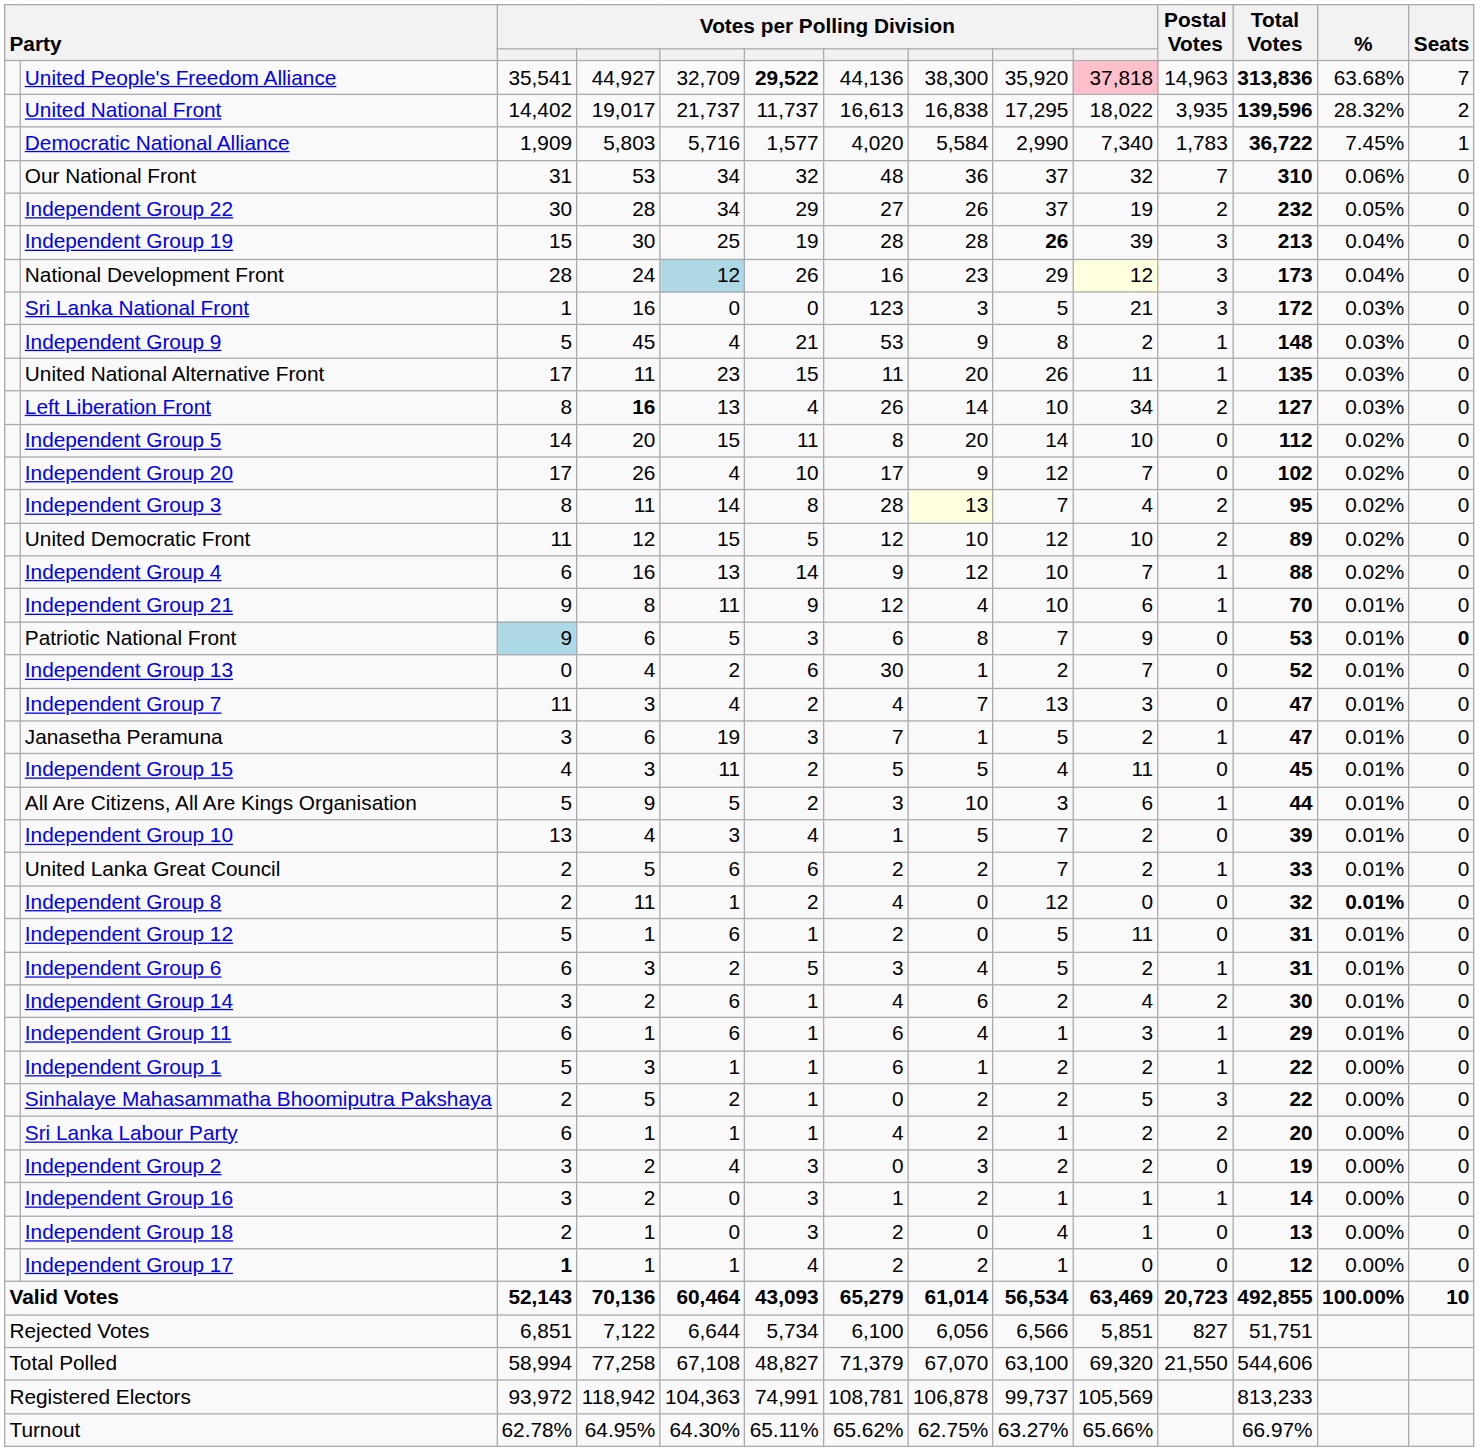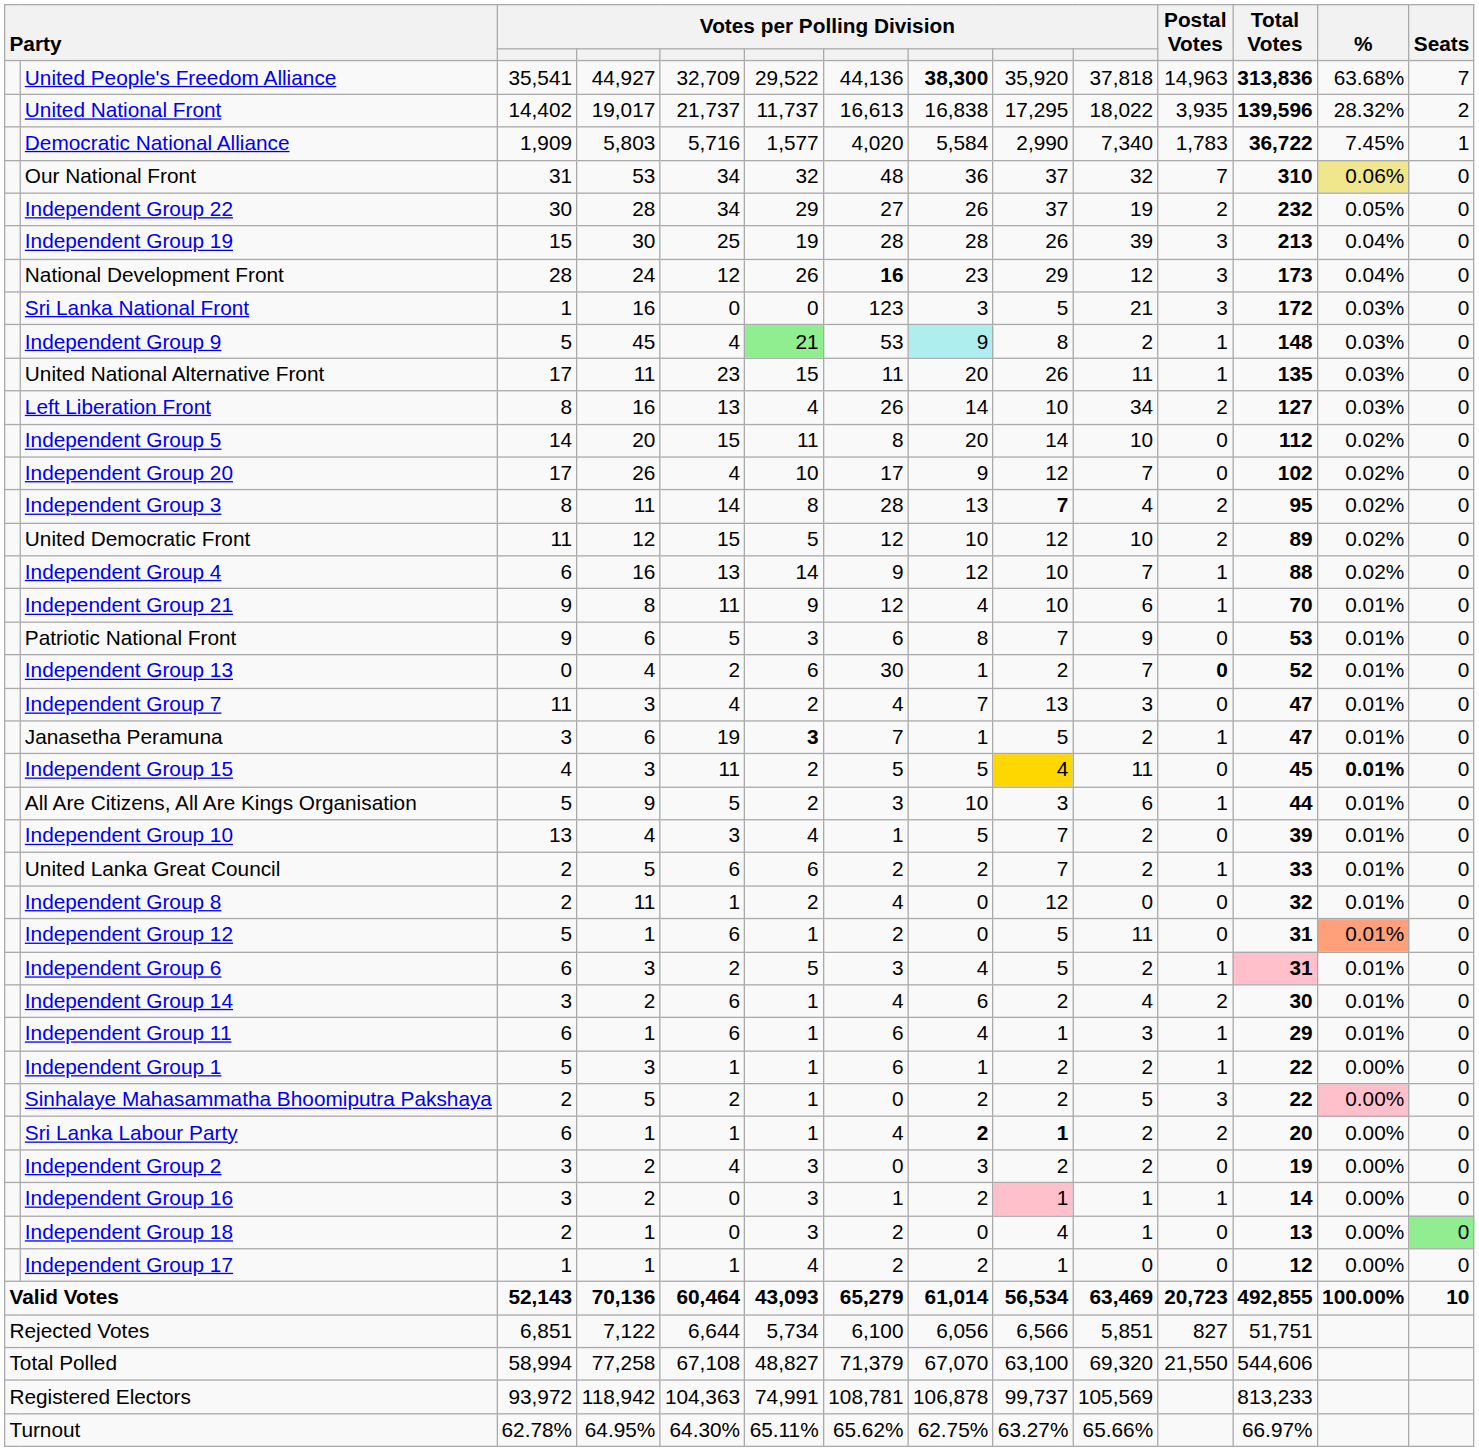 <table class="wikitable" border="1" style="text-align:right;">
 <tr>
 <th style="text-align:left; vertical-align:bottom;" rowspan="2" colspan="2">Party</th>
 <th colspan=8>Votes per Polling Division</th>
 <th rowspan="2" style="vertical-align:bottom; text-align:center; width:50px;">Postal<br>Votes</th>
 <th rowspan="2" style="vertical-align:bottom; text-align:center; width:50px;">Total Votes</th>
 <th rowspan="2" style="vertical-align:bottom; text-align:center; width:50px;">%</th>
 <th rowspan="2" style="vertical-align:bottom; text-align:center; width:40px;">Seats</th>
 </tr>
 <tr>
 <th></th>
 <th></th>
 <th></th>
 <th></th>
 <th></th>
 <th></th>
 <th></th>
 <th></th>
 </tr>
 <tr>
 <td bgcolor=> </td>
 <td align=left><a href='#'>United People's Freedom Alliance</a></td>
 <td>35,541</td>
 <td>44,927</td>
 <td>32,709</td>
-<td><strong>29,522</strong></td>
+<td>29,522</td>
 <td>44,136</td>
-<td>38,300</td>
+<td><strong>38,300</strong></td>
 <td>35,920</td>
-<td style="background: pink;">37,818</td>
+<td>37,818</td>
 <td>14,963</td>
 <td><strong>313,836</strong></td>
 <td>63.68%</td>
 <td>7</td>
 </tr>
 <tr>
 <td bgcolor=> </td>
 <td align=left><a href='#'>United National Front</a> </td>
 <td>14,402</td>
 <td>19,017</td>
 <td>21,737</td>
 <td>11,737</td>
 <td>16,613</td>
 <td>16,838</td>
 <td>17,295</td>
 <td>18,022</td>
 <td>3,935</td>
 <td><strong>139,596</strong></td>
 <td>28.32%</td>
 <td>2</td>
 </tr>
 <tr>
 <td bgcolor=> </td>
 <td align=left><a href='#'>Democratic National Alliance</a> </td>
 <td>1,909</td>
 <td>5,803</td>
 <td>5,716</td>
 <td>1,577</td>
 <td>4,020</td>
 <td>5,584</td>
 <td>2,990</td>
 <td>7,340</td>
 <td>1,783</td>
 <td><strong>36,722</strong></td>
 <td>7.45%</td>
 <td>1</td>
 </tr>
 <tr>
 <td bgcolor=> </td>
 <td align=left>Our National Front</td>
 <td>31</td>
 <td>53</td>
 <td>34</td>
 <td>32</td>
 <td>48</td>
 <td>36</td>
 <td>37</td>
 <td>32</td>
 <td>7</td>
 <td><strong>310</strong></td>
-<td>0.06%</td>
+<td style="background: khaki;">0.06%</td>
 <td>0</td>
 </tr>
 <tr>
 <td bgcolor=> </td>
 <td align=left><a href='#'>Independent Group 22</a></td>
 <td>30</td>
 <td>28</td>
 <td>34</td>
 <td>29</td>
 <td>27</td>
 <td>26</td>
 <td>37</td>
 <td>19</td>
 <td>2</td>
 <td><strong>232</strong></td>
 <td>0.05%</td>
 <td>0</td>
 </tr>
 <tr>
 <td bgcolor=> </td>
 <td align=left><a href='#'>Independent Group 19</a></td>
 <td>15</td>
 <td>30</td>
 <td>25</td>
 <td>19</td>
 <td>28</td>
 <td>28</td>
-<td><strong>26</strong></td>
+<td>26</td>
 <td>39</td>
 <td>3</td>
 <td><strong>213</strong></td>
 <td>0.04%</td>
 <td>0</td>
 </tr>
 <tr>
 <td bgcolor=> </td>
 <td align=left>National Development Front</td>
 <td>28</td>
 <td>24</td>
-<td style="background: lightblue;">12</td>
+<td>12</td>
 <td>26</td>
-<td>16</td>
+<td><strong>16</strong></td>
 <td>23</td>
 <td>29</td>
-<td style="background: lightyellow;">12</td>
+<td>12</td>
 <td>3</td>
 <td><strong>173</strong></td>
 <td>0.04%</td>
 <td>0</td>
 </tr>
 <tr>
 <td bgcolor=> </td>
 <td align=left><a href='#'>Sri Lanka National Front</a></td>
 <td>1</td>
 <td>16</td>
 <td>0</td>
 <td>0</td>
 <td>123</td>
 <td>3</td>
 <td>5</td>
 <td>21</td>
 <td>3</td>
 <td><strong>172</strong></td>
 <td>0.03%</td>
 <td>0</td>
 </tr>
 <tr>
 <td bgcolor=> </td>
 <td align=left><a href='#'>Independent Group 9</a></td>
 <td>5</td>
 <td>45</td>
 <td>4</td>
-<td>21</td>
+<td style="background: lightgreen;">21</td>
 <td>53</td>
-<td>9</td>
+<td style="background: paleturquoise;">9</td>
 <td>8</td>
 <td>2</td>
 <td>1</td>
 <td><strong>148</strong></td>
 <td>0.03%</td>
 <td>0</td>
 </tr>
 <tr>
 <td bgcolor=> </td>
 <td align=left>United National Alternative Front</td>
 <td>17</td>
 <td>11</td>
 <td>23</td>
 <td>15</td>
 <td>11</td>
 <td>20</td>
 <td>26</td>
 <td>11</td>
 <td>1</td>
 <td><strong>135</strong></td>
 <td>0.03%</td>
 <td>0</td>
 </tr>
 <tr>
 <td bgcolor=> </td>
 <td align=left><a href='#'>Left Liberation Front</a></td>
 <td>8</td>
-<td><strong>16</strong></td>
+<td>16</td>
 <td>13</td>
 <td>4</td>
 <td>26</td>
 <td>14</td>
 <td>10</td>
 <td>34</td>
 <td>2</td>
 <td><strong>127</strong></td>
 <td>0.03%</td>
 <td>0</td>
 </tr>
 <tr>
 <td bgcolor=> </td>
 <td align=left><a href='#'>Independent Group 5</a></td>
 <td>14</td>
 <td>20</td>
 <td>15</td>
 <td>11</td>
 <td>8</td>
 <td>20</td>
 <td>14</td>
 <td>10</td>
 <td>0</td>
 <td><strong>112</strong></td>
 <td>0.02%</td>
 <td>0</td>
 </tr>
 <tr>
 <td bgcolor=> </td>
 <td align=left><a href='#'>Independent Group 20</a></td>
 <td>17</td>
 <td>26</td>
 <td>4</td>
 <td>10</td>
 <td>17</td>
 <td>9</td>
 <td>12</td>
 <td>7</td>
 <td>0</td>
 <td><strong>102</strong></td>
 <td>0.02%</td>
 <td>0</td>
 </tr>
 <tr>
 <td bgcolor=> </td>
 <td align=left><a href='#'>Independent Group 3</a></td>
 <td>8</td>
 <td>11</td>
 <td>14</td>
 <td>8</td>
 <td>28</td>
-<td style="background: lightyellow;">13</td>
-<td>7</td>
+<td>13</td>
+<td><strong>7</strong></td>
 <td>4</td>
 <td>2</td>
 <td><strong>95</strong></td>
 <td>0.02%</td>
 <td>0</td>
 </tr>
 <tr>
 <td bgcolor=> </td>
 <td align=left>United Democratic Front</td>
 <td>11</td>
 <td>12</td>
 <td>15</td>
 <td>5</td>
 <td>12</td>
 <td>10</td>
 <td>12</td>
 <td>10</td>
 <td>2</td>
 <td><strong>89</strong></td>
 <td>0.02%</td>
 <td>0</td>
 </tr>
 <tr>
 <td bgcolor=> </td>
 <td align=left><a href='#'>Independent Group 4</a></td>
 <td>6</td>
 <td>16</td>
 <td>13</td>
 <td>14</td>
 <td>9</td>
 <td>12</td>
 <td>10</td>
 <td>7</td>
 <td>1</td>
 <td><strong>88</strong></td>
 <td>0.02%</td>
 <td>0</td>
 </tr>
 <tr>
 <td bgcolor=> </td>
 <td align=left><a href='#'>Independent Group 21</a></td>
 <td>9</td>
 <td>8</td>
 <td>11</td>
 <td>9</td>
 <td>12</td>
 <td>4</td>
 <td>10</td>
 <td>6</td>
 <td>1</td>
 <td><strong>70</strong></td>
 <td>0.01%</td>
 <td>0</td>
 </tr>
 <tr>
 <td bgcolor=> </td>
 <td align=left>Patriotic National Front</td>
-<td style="background: lightblue;">9</td>
+<td>9</td>
 <td>6</td>
 <td>5</td>
 <td>3</td>
 <td>6</td>
 <td>8</td>
 <td>7</td>
 <td>9</td>
 <td>0</td>
 <td><strong>53</strong></td>
 <td>0.01%</td>
-<td><strong>0</strong></td>
+<td>0</td>
 </tr>
 <tr>
 <td bgcolor=> </td>
 <td align=left><a href='#'>Independent Group 13</a></td>
 <td>0</td>
 <td>4</td>
 <td>2</td>
 <td>6</td>
 <td>30</td>
 <td>1</td>
 <td>2</td>
 <td>7</td>
-<td>0</td>
+<td><strong>0</strong></td>
 <td><strong>52</strong></td>
 <td>0.01%</td>
 <td>0</td>
 </tr>
 <tr>
 <td bgcolor=> </td>
 <td align=left><a href='#'>Independent Group 7</a></td>
 <td>11</td>
 <td>3</td>
 <td>4</td>
 <td>2</td>
 <td>4</td>
 <td>7</td>
 <td>13</td>
 <td>3</td>
 <td>0</td>
 <td><strong>47</strong></td>
 <td>0.01%</td>
 <td>0</td>
 </tr>
 <tr>
 <td bgcolor=> </td>
 <td align=left>Janasetha Peramuna</td>
 <td>3</td>
 <td>6</td>
 <td>19</td>
-<td>3</td>
+<td><strong>3</strong></td>
 <td>7</td>
 <td>1</td>
 <td>5</td>
 <td>2</td>
 <td>1</td>
 <td><strong>47</strong></td>
 <td>0.01%</td>
 <td>0</td>
 </tr>
 <tr>
 <td bgcolor=> </td>
 <td align=left><a href='#'>Independent Group 15</a></td>
 <td>4</td>
 <td>3</td>
 <td>11</td>
 <td>2</td>
 <td>5</td>
 <td>5</td>
-<td>4</td>
+<td style="background: gold;">4</td>
 <td>11</td>
 <td>0</td>
 <td><strong>45</strong></td>
-<td>0.01%</td>
+<td><strong>0.01%</strong></td>
 <td>0</td>
 </tr>
 <tr>
 <td bgcolor=> </td>
 <td align=left>All Are Citizens, All Are Kings Organisation</td>
 <td>5</td>
 <td>9</td>
 <td>5</td>
 <td>2</td>
 <td>3</td>
 <td>10</td>
 <td>3</td>
 <td>6</td>
 <td>1</td>
 <td><strong>44</strong></td>
 <td>0.01%</td>
 <td>0</td>
 </tr>
 <tr>
 <td bgcolor=> </td>
 <td align=left><a href='#'>Independent Group 10</a></td>
 <td>13</td>
 <td>4</td>
 <td>3</td>
 <td>4</td>
 <td>1</td>
 <td>5</td>
 <td>7</td>
 <td>2</td>
 <td>0</td>
 <td><strong>39</strong></td>
 <td>0.01%</td>
 <td>0</td>
 </tr>
 <tr>
 <td bgcolor=> </td>
 <td align=left>United Lanka Great Council</td>
 <td>2</td>
 <td>5</td>
 <td>6</td>
 <td>6</td>
 <td>2</td>
 <td>2</td>
 <td>7</td>
 <td>2</td>
 <td>1</td>
 <td><strong>33</strong></td>
 <td>0.01%</td>
 <td>0</td>
 </tr>
 <tr>
 <td bgcolor=> </td>
 <td align=left><a href='#'>Independent Group 8</a></td>
 <td>2</td>
 <td>11</td>
 <td>1</td>
 <td>2</td>
 <td>4</td>
 <td>0</td>
 <td>12</td>
 <td>0</td>
 <td>0</td>
 <td><strong>32</strong></td>
-<td><strong>0.01%</strong></td>
+<td>0.01%</td>
 <td>0</td>
 </tr>
 <tr>
 <td bgcolor=> </td>
 <td align=left><a href='#'>Independent Group 12</a></td>
 <td>5</td>
 <td>1</td>
 <td>6</td>
 <td>1</td>
 <td>2</td>
 <td>0</td>
 <td>5</td>
 <td>11</td>
 <td>0</td>
 <td><strong>31</strong></td>
-<td>0.01%</td>
+<td style="background: lightsalmon;">0.01%</td>
 <td>0</td>
 </tr>
 <tr>
 <td bgcolor=> </td>
 <td align=left><a href='#'>Independent Group 6</a></td>
 <td>6</td>
 <td>3</td>
 <td>2</td>
 <td>5</td>
 <td>3</td>
 <td>4</td>
 <td>5</td>
 <td>2</td>
 <td>1</td>
-<td><strong>31</strong></td>
+<td style="background: pink;"><strong>31</strong></td>
 <td>0.01%</td>
 <td>0</td>
 </tr>
 <tr>
 <td bgcolor=> </td>
 <td align=left><a href='#'>Independent Group 14</a></td>
 <td>3</td>
 <td>2</td>
 <td>6</td>
 <td>1</td>
 <td>4</td>
 <td>6</td>
 <td>2</td>
 <td>4</td>
 <td>2</td>
 <td><strong>30</strong></td>
 <td>0.01%</td>
 <td>0</td>
 </tr>
 <tr>
 <td bgcolor=> </td>
 <td align=left><a href='#'>Independent Group 11</a></td>
 <td>6</td>
 <td>1</td>
 <td>6</td>
 <td>1</td>
 <td>6</td>
 <td>4</td>
 <td>1</td>
 <td>3</td>
 <td>1</td>
 <td><strong>29</strong></td>
 <td>0.01%</td>
 <td>0</td>
 </tr>
 <tr>
 <td bgcolor=> </td>
 <td align=left><a href='#'>Independent Group 1</a></td>
 <td>5</td>
 <td>3</td>
 <td>1</td>
 <td>1</td>
 <td>6</td>
 <td>1</td>
 <td>2</td>
 <td>2</td>
 <td>1</td>
 <td><strong>22</strong></td>
 <td>0.00%</td>
 <td>0</td>
 </tr>
 <tr>
 <td bgcolor=> </td>
 <td align=left><a href='#'>Sinhalaye Mahasammatha Bhoomiputra Pakshaya</a></td>
 <td>2</td>
 <td>5</td>
 <td>2</td>
 <td>1</td>
 <td>0</td>
 <td>2</td>
 <td>2</td>
 <td>5</td>
 <td>3</td>
 <td><strong>22</strong></td>
-<td>0.00%</td>
+<td style="background: pink;">0.00%</td>
 <td>0</td>
 </tr>
 <tr>
 <td bgcolor=> </td>
 <td align=left><a href='#'>Sri Lanka Labour Party</a></td>
 <td>6</td>
 <td>1</td>
 <td>1</td>
 <td>1</td>
 <td>4</td>
-<td>2</td>
-<td>1</td>
+<td><strong>2</strong></td>
+<td><strong>1</strong></td>
 <td>2</td>
 <td>2</td>
 <td><strong>20</strong></td>
 <td>0.00%</td>
 <td>0</td>
 </tr>
 <tr>
 <td bgcolor=> </td>
 <td align=left><a href='#'>Independent Group 2</a></td>
 <td>3</td>
 <td>2</td>
 <td>4</td>
 <td>3</td>
 <td>0</td>
 <td>3</td>
 <td>2</td>
 <td>2</td>
 <td>0</td>
 <td><strong>19</strong></td>
 <td>0.00%</td>
 <td>0</td>
 </tr>
 <tr>
 <td bgcolor=> </td>
 <td align=left><a href='#'>Independent Group 16</a></td>
 <td>3</td>
 <td>2</td>
 <td>0</td>
 <td>3</td>
 <td>1</td>
 <td>2</td>
-<td>1</td>
+<td style="background: pink;">1</td>
 <td>1</td>
 <td>1</td>
 <td><strong>14</strong></td>
 <td>0.00%</td>
 <td>0</td>
 </tr>
 <tr>
 <td bgcolor=> </td>
 <td align=left><a href='#'>Independent Group 18</a></td>
 <td>2</td>
 <td>1</td>
 <td>0</td>
 <td>3</td>
 <td>2</td>
 <td>0</td>
 <td>4</td>
 <td>1</td>
 <td>0</td>
 <td><strong>13</strong></td>
 <td>0.00%</td>
-<td>0</td>
+<td style="background: lightgreen;">0</td>
 </tr>
 <tr>
 <td bgcolor=> </td>
 <td align=left><a href='#'>Independent Group 17</a></td>
-<td><strong>1</strong></td>
+<td>1</td>
 <td>1</td>
 <td>1</td>
 <td>4</td>
 <td>2</td>
 <td>2</td>
 <td>1</td>
 <td>0</td>
 <td>0</td>
 <td><strong>12</strong></td>
 <td>0.00%</td>
 <td>0</td>
 </tr>
 <tr>
 <td align=left colspan=2><strong>Valid Votes</strong></td>
 <td><strong>52,143</strong></td>
 <td><strong>70,136</strong></td>
 <td><strong>60,464</strong></td>
 <td><strong>43,093</strong></td>
 <td><strong>65,279</strong></td>
 <td><strong>61,014</strong></td>
 <td><strong>56,534</strong></td>
 <td><strong>63,469</strong></td>
 <td><strong>20,723</strong></td>
 <td><strong>492,855</strong></td>
 <td><strong>100.00%</strong></td>
 <td><strong>10</strong></td>
 </tr>
 <tr>
 <td align=left colspan=2>Rejected Votes</td>
 <td>6,851</td>
 <td>7,122</td>
 <td>6,644</td>
 <td>5,734</td>
 <td>6,100</td>
 <td>6,056</td>
 <td>6,566</td>
 <td>5,851</td>
 <td>827</td>
 <td>51,751</td>
 <td></td>
 <td></td>
 </tr>
 <tr>
 <td align=left colspan=2>Total Polled</td>
 <td>58,994</td>
 <td>77,258</td>
 <td>67,108</td>
 <td>48,827</td>
 <td>71,379</td>
 <td>67,070</td>
 <td>63,100</td>
 <td>69,320</td>
 <td>21,550</td>
 <td>544,606</td>
 <td></td>
 <td></td>
 </tr>
 <tr>
 <td align=left colspan=2>Registered Electors</td>
 <td>93,972</td>
 <td>118,942</td>
 <td>104,363</td>
 <td>74,991</td>
 <td>108,781</td>
 <td>106,878</td>
 <td>99,737</td>
 <td>105,569</td>
 <td></td>
 <td>813,233</td>
 <td></td>
 <td></td>
 </tr>
 <tr>
 <td align=left colspan=2>Turnout</td>
 <td>62.78%</td>
 <td>64.95%</td>
 <td>64.30%</td>
 <td>65.11%</td>
 <td>65.62%</td>
 <td>62.75%</td>
 <td>63.27%</td>
 <td>65.66%</td>
 <td></td>
 <td>66.97%</td>
 <td></td>
 <td></td>
 </tr>
 </table>
